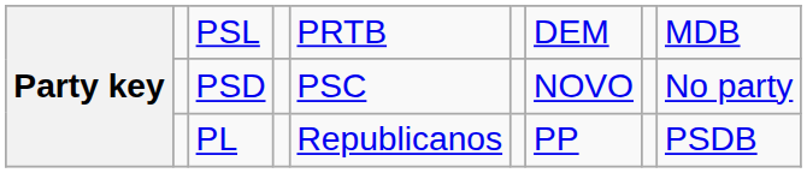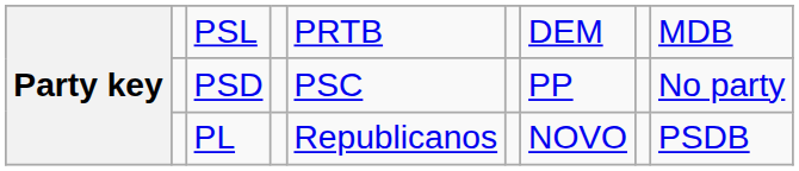 <table class=wikitable>
 <tr>
 <th rowspan=3>Party key</th>
 <td></td>
 <td><a href='#'>PSL</a></td>
 <td></td>
 <td><a href='#'>PRTB</a></td>
 <td></td>
 <td><a href='#'>DEM</a></td>
 <td></td>
 <td><a href='#'>MDB</a></td>
 </tr>
 <tr>
 <td></td>
 <td><a href='#'>PSD</a></td>
 <td></td>
 <td><a href='#'>PSC</a></td>
 <td></td>
-<td><a href='#'>NOVO</a></td>
+<td><a href='#'>PP</a></td>
 <td></td>
 <td><a href='#'>No party</a></td>
 </tr>
 <tr>
 <td></td>
 <td><a href='#'>PL</a></td>
 <td></td>
 <td><a href='#'>Republicanos</a></td>
 <td></td>
-<td><a href='#'>PP</a></td>
+<td><a href='#'>NOVO</a></td>
 <td></td>
 <td><a href='#'>PSDB</a></td>
 </tr>
 </table>
